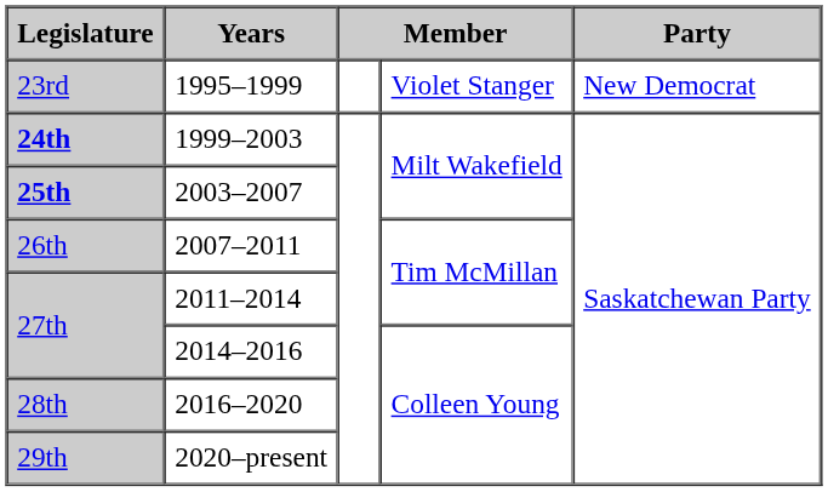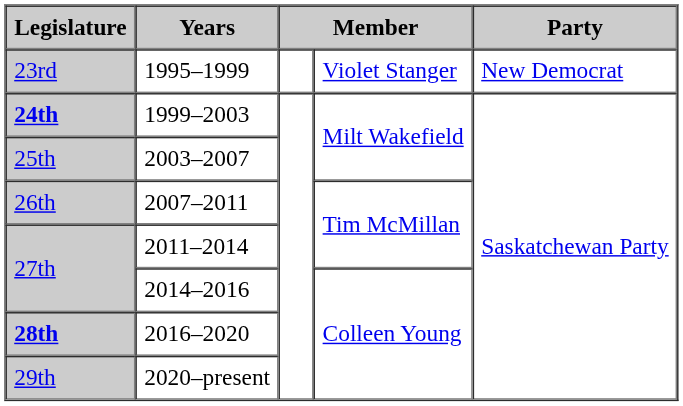 <table border=1 cellpadding=5 cellspacing=0>
 <tr bgcolor="CCCCCC">
 <th>Legislature</th>
 <th>Years</th>
 <th colspan="2">Member</th>
 <th>Party</th>
 </tr>
 <tr>
 <td bgcolor="CCCCCC"><a href='#'>23rd</a></td>
 <td>1995–1999</td>
 <td>   </td>
 <td><a href='#'>Violet Stanger</a></td>
 <td><a href='#'>New Democrat</a></td>
 </tr>
 <tr>
 <td bgcolor="CCCCCC"><strong><a href='#'>24th</a></strong></td>
 <td>1999–2003</td>
 <td rowspan="7" >   </td>
 <td rowspan="2"><a href='#'>Milt Wakefield</a></td>
 <td rowspan="7"><a href='#'>Saskatchewan Party</a></td>
 </tr>
 <tr>
-<td bgcolor="CCCCCC"><strong><a href='#'>25th</a></strong></td>
+<td bgcolor="CCCCCC"><a href='#'>25th</a></td>
 <td>2003–2007</td>
 </tr>
 <tr>
 <td bgcolor="CCCCCC"><a href='#'>26th</a></td>
 <td>2007–2011</td>
 <td rowspan="2"><a href='#'>Tim McMillan</a></td>
 </tr>
 <tr>
 <td rowspan="2" bgcolor="CCCCCC"><a href='#'>27th</a></td>
 <td>2011–2014</td>
 </tr>
 <tr>
 <td>2014–2016</td>
 <td rowspan="3"><a href='#'>Colleen Young</a></td>
 </tr>
 <tr>
-<td bgcolor="CCCCCC"><a href='#'>28th</a></td>
+<td bgcolor="CCCCCC"><strong><a href='#'>28th</a></strong></td>
 <td>2016–2020</td>
 </tr>
 <tr>
 <td bgcolor="CCCCCC"><a href='#'>29th</a></td>
 <td>2020–present</td>
 </tr>
 </table>
